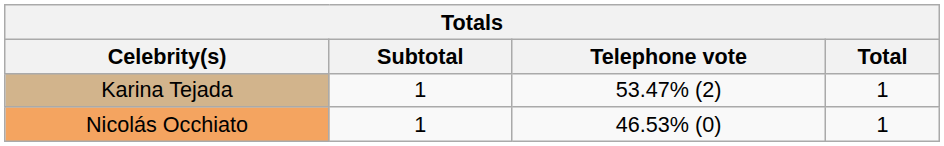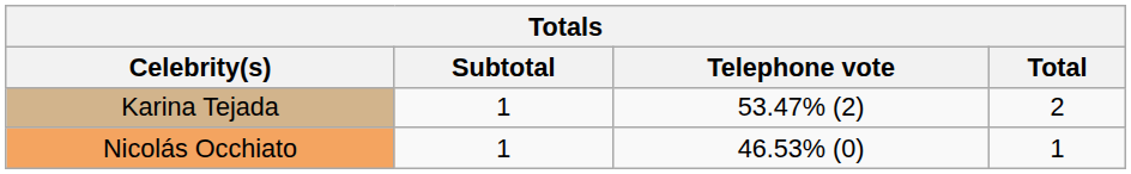 <table class="wikitable collapsible collapsed" style="font-size:90%; text-align: center; width: 100%;">
 <tr>
 <th colspan="11" style="with: 95%;" align=center>Totals</th>
 </tr>
 <tr>
 <th>Celebrity(s)</th>
 <th>Subtotal</th>
 <th>Telephone vote</th>
 <th>Total</th>
 </tr>
 <tr>
 <td bgcolor="tan">Karina Tejada</td>
 <td>1</td>
 <td>53.47% (2)</td>
-<td>1</td>
+<td>2</td>
 </tr>
 <tr>
 <td bgcolor="sandybrown">Nicolás Occhiato</td>
 <td>1</td>
 <td>46.53% (0)</td>
 <td>1</td>
 </tr>
 </table>
